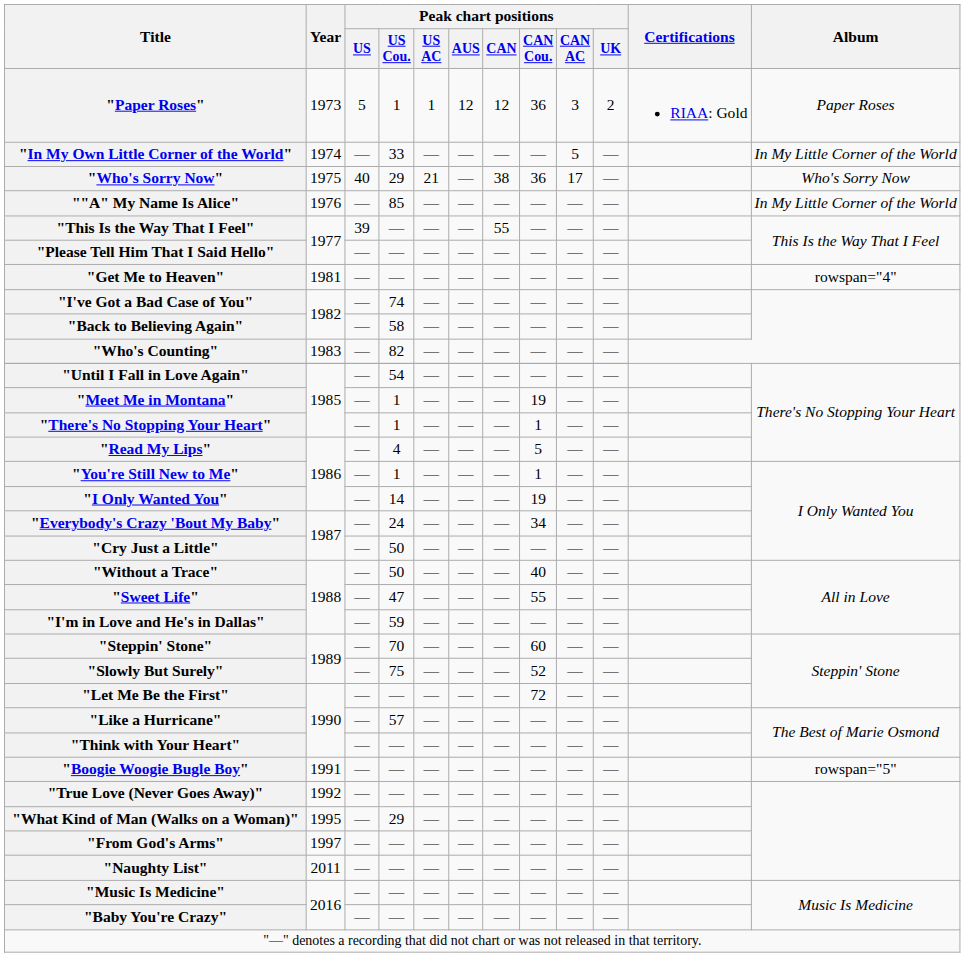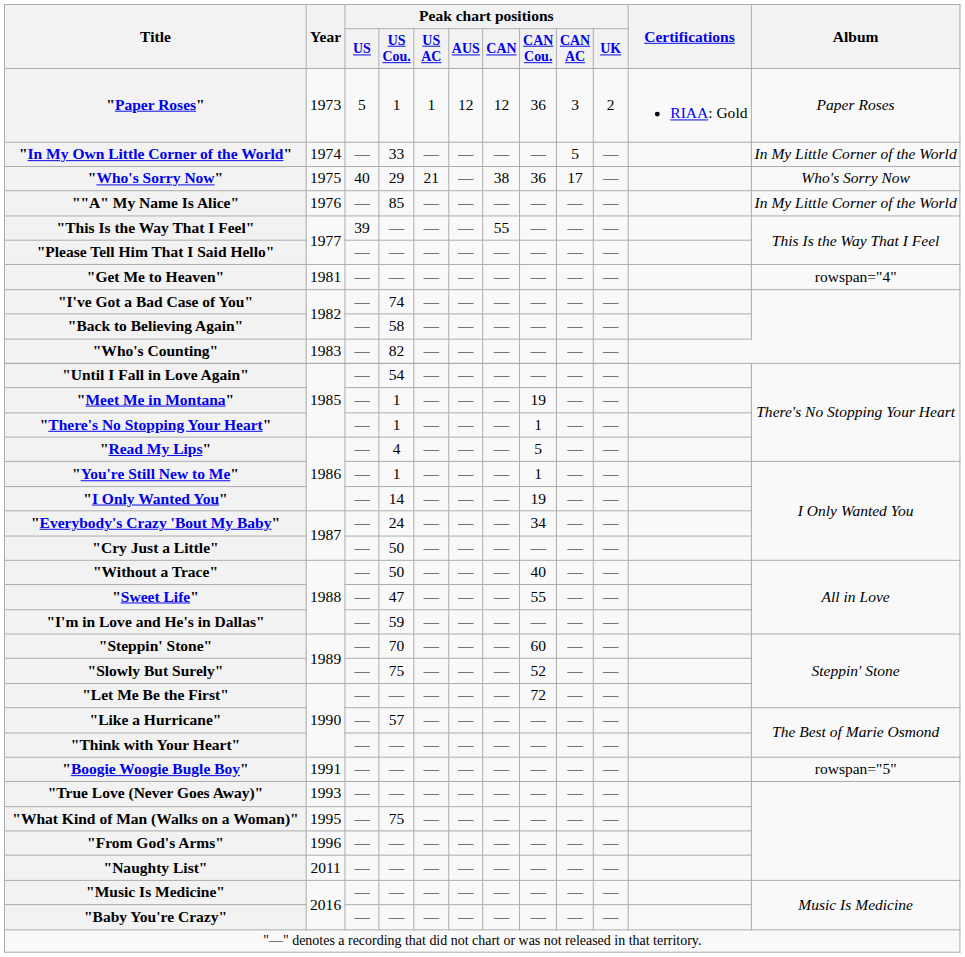 <table class="wikitable plainrowheaders" style="text-align:center;" border="1">
 <tr>
 <th scope="col" rowspan="2" style="width:19em;">Title</th>
 <th scope="col" rowspan="2">Year</th>
 <th scope="col" colspan="8">Peak chart positions</th>
 <th scope="col" rowspan="2"><a href='#'>Certifications</a></th>
 <th scope="col" rowspan="2">Album</th>
 </tr>
 <tr>
 <th scope="col" style="width:2em;font-size:90%;"><a href='#'>US</a><br></th>
 <th scope="col" style="width:2em;font-size:90%;"><a href='#'>US<br>Cou.</a><br></th>
 <th scope="col" style="width:2em;font-size:90%;"><a href='#'>US<br>AC</a><br></th>
 <th scope="col" style="width:2em;font-size:90%;"><a href='#'>AUS</a><br></th>
 <th scope="col" style="width:2em;font-size:90%;"><a href='#'>CAN</a><br></th>
 <th scope="col" style="width:2em;font-size:90%;"><a href='#'>CAN<br>Cou.</a><br></th>
 <th scope="col" style="width:2em;font-size:90%;"><a href='#'>CAN<br>AC</a><br></th>
 <th scope="col" style="width:2em;font-size:90%;"><a href='#'>UK</a><br></th>
 </tr>
 <tr>
 <th scope="row">"<a href='#'>Paper Roses</a>"</th>
 <td>1973</td>
 <td>5</td>
 <td>1</td>
 <td>1</td>
 <td>12</td>
 <td>12</td>
 <td>36</td>
 <td>3</td>
 <td>2</td>
 <td><br><ul><li><a href='#'>RIAA</a>: Gold</li></ul></td>
 <td><em>Paper Roses</em></td>
 </tr>
 <tr>
 <th scope="row">"<a href='#'>In My Own Little Corner of the World</a>"</th>
 <td>1974</td>
 <td>—</td>
 <td>33</td>
 <td>—</td>
 <td>—</td>
 <td>—</td>
 <td>—</td>
 <td>5</td>
 <td>—</td>
 <td></td>
 <td><em>In My Little Corner of the World</em></td>
 </tr>
 <tr>
 <th scope="row">"<a href='#'>Who's Sorry Now</a>"</th>
 <td>1975</td>
 <td>40</td>
 <td>29</td>
 <td>21</td>
 <td>—</td>
 <td>38</td>
 <td>36</td>
 <td>17</td>
 <td>—</td>
 <td></td>
 <td><em>Who's Sorry Now</em></td>
 </tr>
 <tr>
 <th scope="row">""A" My Name Is Alice"</th>
 <td>1976</td>
 <td>—</td>
 <td>85</td>
 <td>—</td>
 <td>—</td>
 <td>—</td>
 <td>—</td>
 <td>—</td>
 <td>—</td>
 <td></td>
 <td><em>In My Little Corner of the World</em></td>
 </tr>
 <tr>
 <th scope="row">"This Is the Way That I Feel"</th>
 <td rowspan="2">1977</td>
 <td>39</td>
 <td>—</td>
 <td>—</td>
 <td>—</td>
 <td>55</td>
 <td>—</td>
 <td>—</td>
 <td>—</td>
 <td></td>
 <td rowspan="2"><em>This Is the Way That I Feel</em></td>
 </tr>
 <tr>
 <th scope="row">"Please Tell Him That I Said Hello"</th>
 <td>—</td>
 <td>—</td>
 <td>—</td>
 <td>—</td>
 <td>—</td>
 <td>—</td>
 <td>—</td>
 <td>—</td>
 <td></td>
 </tr>
 <tr>
 <th scope="row">"Get Me to Heaven"</th>
 <td>1981</td>
 <td>—</td>
 <td>—</td>
 <td>—</td>
 <td>—</td>
 <td>—</td>
 <td>—</td>
 <td>—</td>
 <td>—</td>
 <td></td>
 <td>rowspan="4" </td>
 </tr>
 <tr>
 <th scope="row">"I've Got a Bad Case of You"</th>
 <td rowspan="2">1982</td>
 <td>—</td>
 <td>74</td>
 <td>—</td>
 <td>—</td>
 <td>—</td>
 <td>—</td>
 <td>—</td>
 <td>—</td>
 <td></td>
 </tr>
 <tr>
 <th scope="row">"Back to Believing Again"</th>
 <td>—</td>
 <td>58</td>
 <td>—</td>
 <td>—</td>
 <td>—</td>
 <td>—</td>
 <td>—</td>
 <td>—</td>
 <td></td>
 </tr>
 <tr>
 <th scope="row">"Who's Counting"</th>
 <td>1983</td>
 <td>—</td>
 <td>82</td>
 <td>—</td>
 <td>—</td>
 <td>—</td>
 <td>—</td>
 <td>—</td>
 <td>—</td>
 </tr>
 <tr>
 </tr>
 <tr>
 <th scope="row">"Until I Fall in Love Again"</th>
 <td rowspan="3">1985</td>
 <td>—</td>
 <td>54</td>
 <td>—</td>
 <td>—</td>
 <td>—</td>
 <td>—</td>
 <td>—</td>
 <td>—</td>
 <td></td>
 <td rowspan="4"><em>There's No Stopping Your Heart</em></td>
 </tr>
 <tr>
 <th scope="row">"<a href='#'>Meet Me in Montana</a>"<br></th>
 <td>—</td>
 <td>1</td>
 <td>—</td>
 <td>—</td>
 <td>—</td>
 <td>19</td>
 <td>—</td>
 <td>—</td>
 <td></td>
 </tr>
 <tr>
 <th scope="row">"<a href='#'>There's No Stopping Your Heart</a>"</th>
 <td>—</td>
 <td>1</td>
 <td>—</td>
 <td>—</td>
 <td>—</td>
 <td>1</td>
 <td>—</td>
 <td>—</td>
 <td></td>
 </tr>
 <tr>
 <th scope="row">"<a href='#'>Read My Lips</a>"</th>
 <td rowspan="3">1986</td>
 <td>—</td>
 <td>4</td>
 <td>—</td>
 <td>—</td>
 <td>—</td>
 <td>5</td>
 <td>—</td>
 <td>—</td>
 <td></td>
 </tr>
 <tr>
 <th scope="row">"<a href='#'>You're Still New to Me</a>"<br></th>
 <td>—</td>
 <td>1</td>
 <td>—</td>
 <td>—</td>
 <td>—</td>
 <td>1</td>
 <td>—</td>
 <td>—</td>
 <td></td>
 <td rowspan="4"><em>I Only Wanted You</em></td>
 </tr>
 <tr>
 <th scope="row">"<a href='#'>I Only Wanted You</a>"</th>
 <td>—</td>
 <td>14</td>
 <td>—</td>
 <td>—</td>
 <td>—</td>
 <td>19</td>
 <td>—</td>
 <td>—</td>
 <td></td>
 </tr>
 <tr>
 <th scope="row">"<a href='#'>Everybody's Crazy 'Bout My Baby</a>"</th>
 <td rowspan="2">1987</td>
 <td>—</td>
 <td>24</td>
 <td>—</td>
 <td>—</td>
 <td>—</td>
 <td>34</td>
 <td>—</td>
 <td>—</td>
 <td></td>
 </tr>
 <tr>
 <th scope="row">"Cry Just a Little"</th>
 <td>—</td>
 <td>50</td>
 <td>—</td>
 <td>—</td>
 <td>—</td>
 <td>—</td>
 <td>—</td>
 <td>—</td>
 <td></td>
 </tr>
 <tr>
 <th scope="row">"Without a Trace"</th>
 <td rowspan="3">1988</td>
 <td>—</td>
 <td>50</td>
 <td>—</td>
 <td>—</td>
 <td>—</td>
 <td>40</td>
 <td>—</td>
 <td>—</td>
 <td></td>
 <td rowspan="3"><em>All in Love</em></td>
 </tr>
 <tr>
 <th scope="row">"<a href='#'>Sweet Life</a>"<br></th>
 <td>—</td>
 <td>47</td>
 <td>—</td>
 <td>—</td>
 <td>—</td>
 <td>55</td>
 <td>—</td>
 <td>—</td>
 <td></td>
 </tr>
 <tr>
 <th scope="row">"I'm in Love and He's in Dallas"</th>
 <td>—</td>
 <td>59</td>
 <td>—</td>
 <td>—</td>
 <td>—</td>
 <td>—</td>
 <td>—</td>
 <td>—</td>
 <td></td>
 </tr>
 <tr>
 <th scope="row">"Steppin' Stone"</th>
 <td rowspan="2">1989</td>
 <td>—</td>
 <td>70</td>
 <td>—</td>
 <td>—</td>
 <td>—</td>
 <td>60</td>
 <td>—</td>
 <td>—</td>
 <td></td>
 <td rowspan="3"><em>Steppin' Stone</em></td>
 </tr>
 <tr>
 <th scope="row">"Slowly But Surely"</th>
 <td>—</td>
 <td>75</td>
 <td>—</td>
 <td>—</td>
 <td>—</td>
 <td>52</td>
 <td>—</td>
 <td>—</td>
 <td></td>
 </tr>
 <tr>
 <th scope="row">"Let Me Be the First"</th>
 <td rowspan="3">1990</td>
 <td>—</td>
 <td>—</td>
 <td>—</td>
 <td>—</td>
 <td>—</td>
 <td>72</td>
 <td>—</td>
 <td>—</td>
 <td></td>
 </tr>
 <tr>
 <th scope="row">"Like a Hurricane"</th>
 <td>—</td>
 <td>57</td>
 <td>—</td>
 <td>—</td>
 <td>—</td>
 <td>—</td>
 <td>—</td>
 <td>—</td>
 <td></td>
 <td rowspan="2"><em>The Best of Marie Osmond</em></td>
 </tr>
 <tr>
 <th scope="row">"Think with Your Heart"</th>
 <td>—</td>
 <td>—</td>
 <td>—</td>
 <td>—</td>
 <td>—</td>
 <td>—</td>
 <td>—</td>
 <td>—</td>
 <td></td>
 </tr>
 <tr>
 <th scope="row">"<a href='#'>Boogie Woogie Bugle Boy</a>"</th>
 <td>1991</td>
 <td>—</td>
 <td>—</td>
 <td>—</td>
 <td>—</td>
 <td>—</td>
 <td>—</td>
 <td>—</td>
 <td>—</td>
 <td></td>
 <td>rowspan="5" </td>
 </tr>
 <tr>
 <th scope="row">"True Love (Never Goes Away)"</th>
-<td>1992</td>
+<td>1993</td>
 <td>—</td>
 <td>—</td>
 <td>—</td>
 <td>—</td>
 <td>—</td>
 <td>—</td>
 <td>—</td>
 <td>—</td>
 <td></td>
 </tr>
 <tr>
 <th scope="row">"What Kind of Man (Walks on a Woman)"</th>
 <td>1995</td>
 <td>—</td>
-<td>29</td>
+<td>75</td>
 <td>—</td>
 <td>—</td>
 <td>—</td>
 <td>—</td>
 <td>—</td>
 <td>—</td>
 <td></td>
 </tr>
 <tr>
 <th scope="row">"From God's Arms"</th>
-<td>1997</td>
+<td>1996</td>
 <td>—</td>
 <td>—</td>
 <td>—</td>
 <td>—</td>
 <td>—</td>
 <td>—</td>
 <td>—</td>
 <td>—</td>
 <td></td>
 </tr>
 <tr>
 <th scope="row">"Naughty List"</th>
 <td>2011</td>
 <td>—</td>
 <td>—</td>
 <td>—</td>
 <td>—</td>
 <td>—</td>
 <td>—</td>
 <td>—</td>
 <td>—</td>
 <td></td>
 </tr>
 <tr>
 <th scope="row">"Music Is Medicine"</th>
 <td rowspan="2">2016</td>
 <td>—</td>
 <td>—</td>
 <td>—</td>
 <td>—</td>
 <td>—</td>
 <td>—</td>
 <td>—</td>
 <td>—</td>
 <td></td>
 <td rowspan="2"><em>Music Is Medicine</em></td>
 </tr>
 <tr>
 <th scope="row">"Baby You're Crazy"</th>
 <td>—</td>
 <td>—</td>
 <td>—</td>
 <td>—</td>
 <td>—</td>
 <td>—</td>
 <td>—</td>
 <td>—</td>
 <td></td>
 </tr>
 <tr>
 <td colspan="12" style="font-size:90%">"—" denotes a recording that did not chart or was not released in that territory.</td>
 </tr>
 </table>
